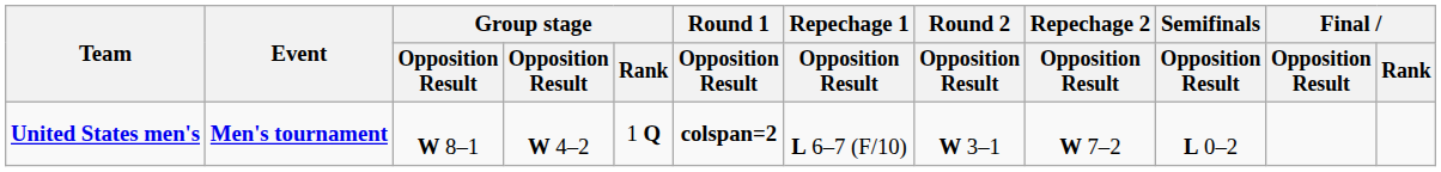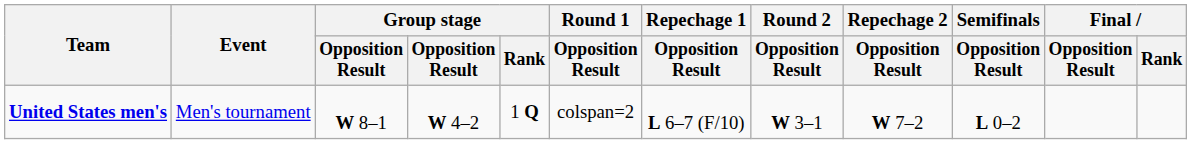 <table class=wikitable style=font-size:90%>
 <tr>
 <th rowspan=2>Team</th>
 <th rowspan=2>Event</th>
 <th colspan=3>Group stage</th>
 <th>Round 1</th>
 <th>Repechage 1</th>
 <th>Round 2</th>
 <th>Repechage 2</th>
 <th>Semifinals</th>
 <th colspan=2>Final / </th>
 </tr>
 <tr style=font-size:95%>
 <th>Opposition<br>Result</th>
 <th>Opposition<br>Result</th>
 <th>Rank</th>
 <th>Opposition<br>Result</th>
 <th>Opposition<br>Result</th>
 <th>Opposition<br>Result</th>
 <th>Opposition<br>Result</th>
 <th>Opposition<br>Result</th>
 <th>Opposition<br>Result</th>
 <th>Rank</th>
 </tr>
 <tr align=center>
 <td><a href='#'><strong>United States men's</strong></a></td>
-<td><strong><a href='#'>Men's tournament</a></strong></td>
+<td><a href='#'>Men's tournament</a></td>
 <td><br><strong>W</strong> 8–1</td>
 <td><br><strong>W</strong> 4–2</td>
 <td>1 <strong>Q</strong></td>
-<td><strong>colspan=2 </strong></td>
+<td>colspan=2 </td>
 <td><br><strong>L</strong> 6–7 (F/10)</td>
 <td><br><strong>W</strong> 3–1</td>
 <td><br><strong>W</strong> 7–2</td>
 <td><br><strong>L</strong> 0–2</td>
 <td></td>
 </tr>
 </table>
